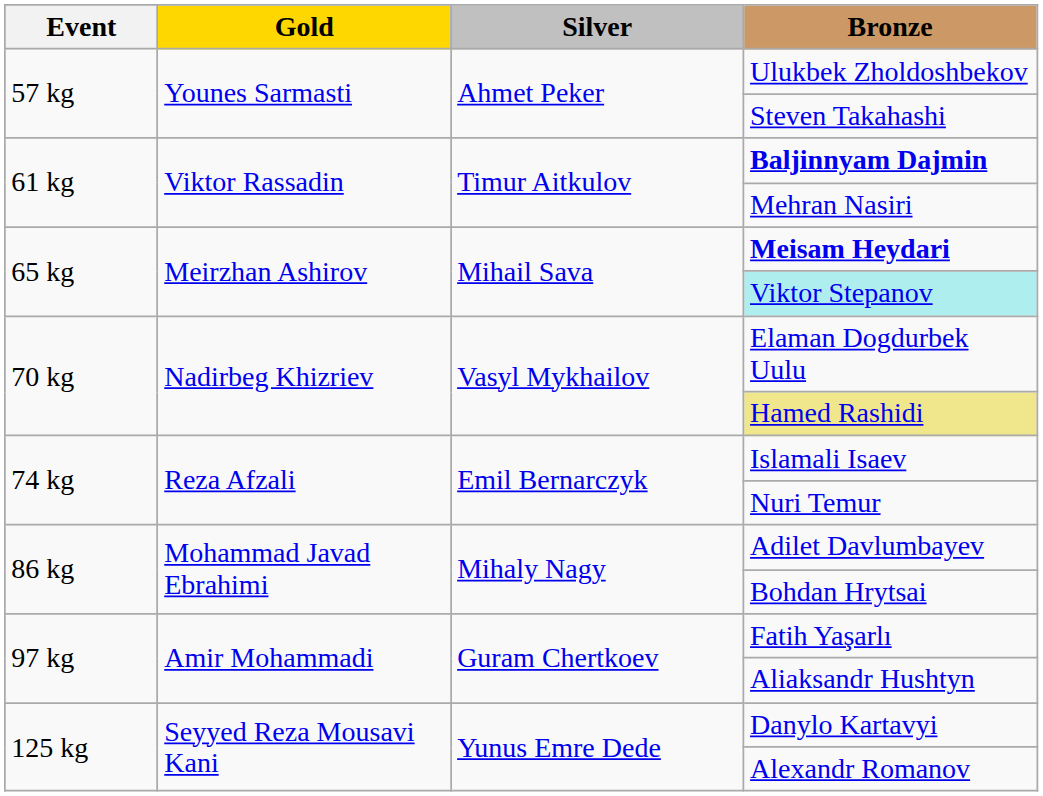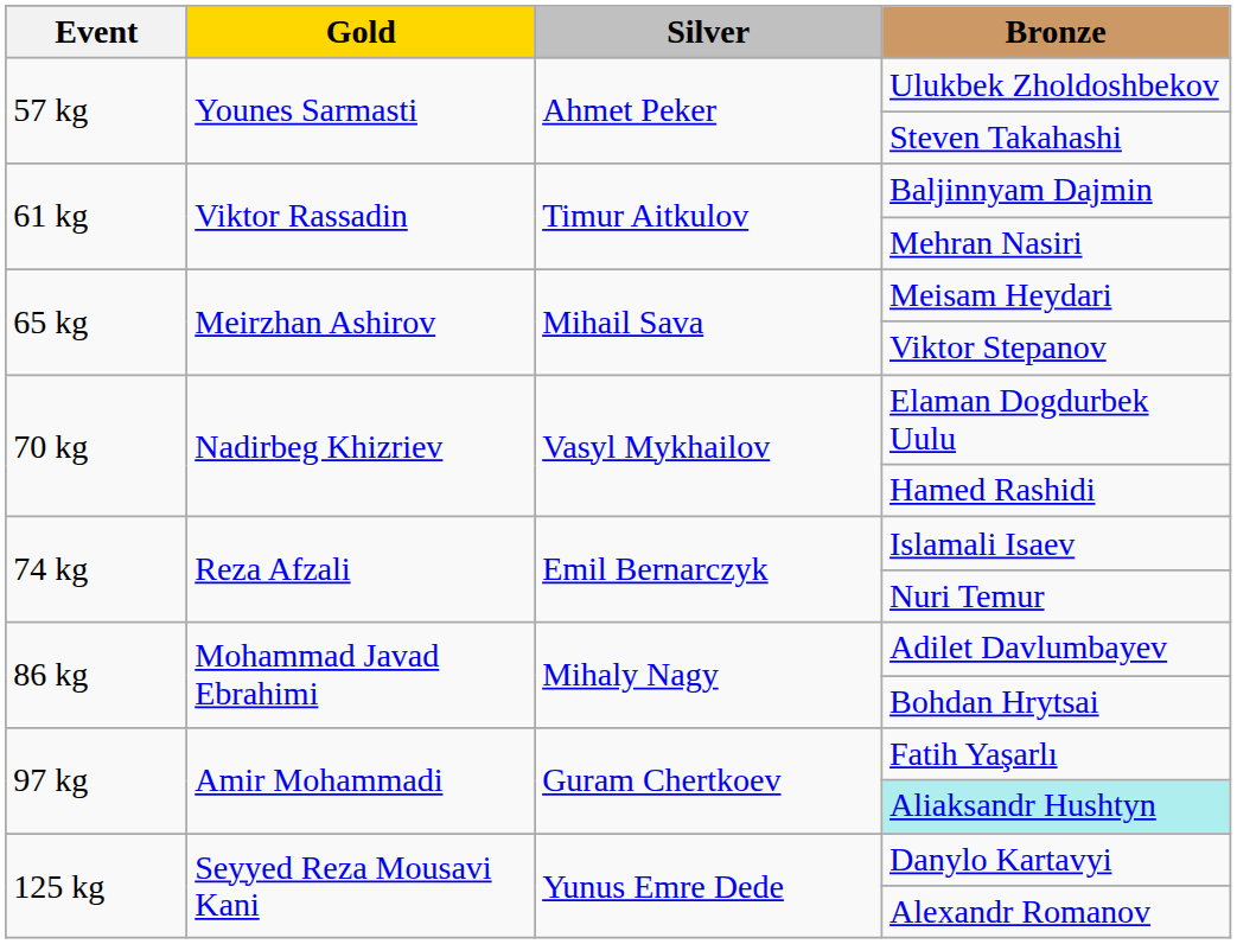 <table class="wikitable">
 <tr>
 <th width="80">Event</th>
 <th style="background-color:gold; width:160px">Gold</th>
 <th style="background-color:silver; width:160px">Silver</th>
 <th style="background-color:#CC9966; width:160px">Bronze</th>
 </tr>
 <tr>
 <td rowspan="2">57 kg</td>
 <td rowspan="2"><a href='#'>Younes Sarmasti</a><br></td>
 <td rowspan="2"><a href='#'>Ahmet Peker</a><br></td>
 <td><a href='#'>Ulukbek Zholdoshbekov</a><br></td>
 </tr>
 <tr>
 <td><a href='#'>Steven Takahashi</a><br></td>
 </tr>
 <tr>
 <td rowspan="2">61 kg</td>
 <td rowspan="2"><a href='#'>Viktor Rassadin</a><br></td>
 <td rowspan="2"><a href='#'>Timur Aitkulov</a><br></td>
-<td><strong><a href='#'>Baljinnyam Dajmin</a><br></strong></td>
+<td><a href='#'>Baljinnyam Dajmin</a><br></td>
 </tr>
 <tr>
 <td><a href='#'>Mehran Nasiri</a><br></td>
 </tr>
 <tr>
 <td rowspan="2">65 kg</td>
 <td rowspan="2"><a href='#'>Meirzhan Ashirov</a><br></td>
 <td rowspan="2"><a href='#'>Mihail Sava</a><br></td>
-<td><strong><a href='#'>Meisam Heydari</a><br></strong></td>
+<td><a href='#'>Meisam Heydari</a><br></td>
 </tr>
 <tr>
-<td style="background: paleturquoise;"><a href='#'>Viktor Stepanov</a><br></td>
+<td><a href='#'>Viktor Stepanov</a><br></td>
 </tr>
 <tr>
 <td rowspan="2">70 kg</td>
 <td rowspan="2"><a href='#'>Nadirbeg Khizriev</a><br></td>
 <td rowspan="2"><a href='#'>Vasyl Mykhailov</a><br></td>
 <td><a href='#'>Elaman Dogdurbek Uulu</a><br></td>
 </tr>
 <tr>
-<td style="background: khaki;"><a href='#'>Hamed Rashidi</a><br></td>
+<td><a href='#'>Hamed Rashidi</a><br></td>
 </tr>
 <tr>
 <td rowspan="2">74 kg</td>
 <td rowspan="2"><a href='#'>Reza Afzali</a><br></td>
 <td rowspan="2"><a href='#'>Emil Bernarczyk</a><br></td>
 <td><a href='#'>Islamali Isaev</a><br></td>
 </tr>
 <tr>
 <td><a href='#'>Nuri Temur</a><br></td>
 </tr>
 <tr>
 <td rowspan="2">86 kg</td>
 <td rowspan="2"><a href='#'>Mohammad Javad Ebrahimi</a><br></td>
 <td rowspan="2"><a href='#'>Mihaly Nagy</a><br></td>
 <td><a href='#'>Adilet Davlumbayev</a><br></td>
 </tr>
 <tr>
 <td><a href='#'>Bohdan Hrytsai</a><br></td>
 </tr>
 <tr>
 <td rowspan="2">97 kg</td>
 <td rowspan="2"><a href='#'>Amir Mohammadi</a><br></td>
 <td rowspan="2"><a href='#'>Guram Chertkoev</a><br></td>
 <td><a href='#'>Fatih Yaşarlı</a><br></td>
 </tr>
 <tr>
-<td><a href='#'>Aliaksandr Hushtyn</a><br></td>
+<td style="background: paleturquoise;"><a href='#'>Aliaksandr Hushtyn</a><br></td>
 </tr>
 <tr>
 <td rowspan="2">125 kg</td>
 <td rowspan="2"><a href='#'>Seyyed Reza Mousavi Kani</a><br></td>
 <td rowspan="2"><a href='#'>Yunus Emre Dede</a><br></td>
 <td><a href='#'>Danylo Kartavyi</a><br></td>
 </tr>
 <tr>
 <td><a href='#'>Alexandr Romanov</a><br></td>
 </tr>
 </table>
